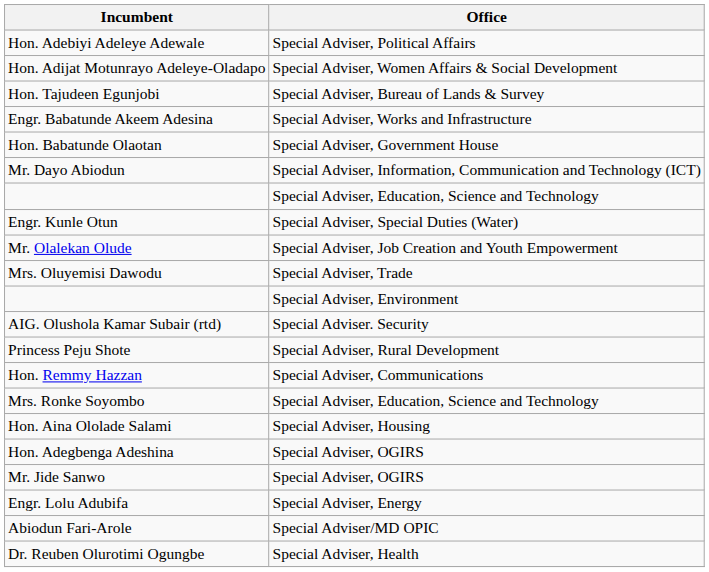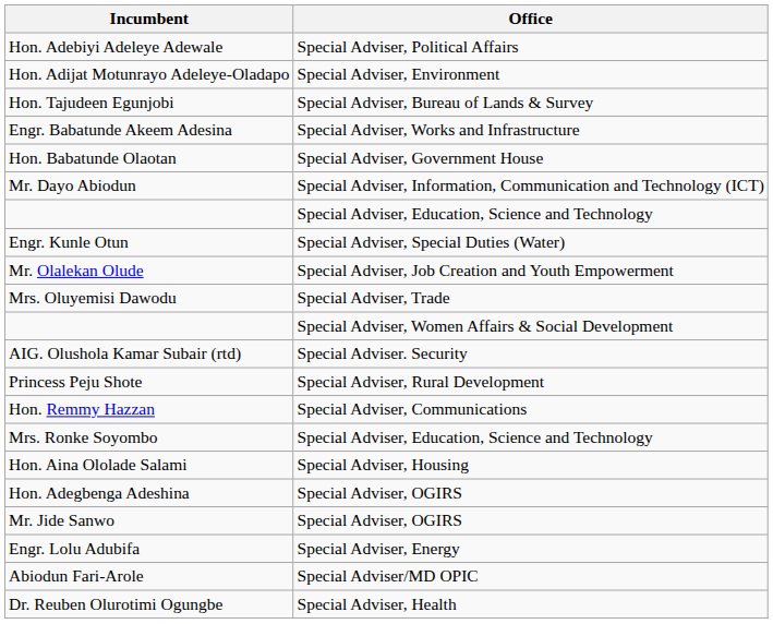 <table class="wikitable" style="font-size: 95%;">
 <tr>
 <th>Incumbent</th>
 <th>Office</th>
 </tr>
 <tr>
 <td>Hon. Adebiyi Adeleye Adewale</td>
 <td>Special Adviser, Political Affairs</td>
 </tr>
 <tr>
 <td>Hon. Adijat Motunrayo Adeleye-Oladapo</td>
-<td>Special Adviser, Women Affairs & Social Development</td>
+<td>Special Adviser, Environment</td>
 </tr>
 <tr>
 <td>Hon. Tajudeen Egunjobi</td>
 <td>Special Adviser, Bureau of Lands & Survey</td>
 </tr>
 <tr>
 <td>Engr. Babatunde Akeem Adesina</td>
 <td>Special Adviser, Works and Infrastructure</td>
 </tr>
 <tr>
 <td>Hon. Babatunde Olaotan</td>
 <td>Special Adviser, Government House</td>
 </tr>
 <tr>
 <td>Mr. Dayo Abiodun</td>
 <td>Special Adviser, Information, Communication and Technology (ICT)</td>
 </tr>
 <tr>
 <td></td>
 <td>Special Adviser, Education, Science and Technology</td>
 </tr>
 <tr>
 <td>Engr. Kunle Otun</td>
 <td>Special Adviser, Special Duties (Water)</td>
 </tr>
 <tr>
 <td>Mr. <a href='#'>Olalekan Olude</a></td>
 <td>Special Adviser, Job Creation and Youth Empowerment</td>
 </tr>
 <tr>
 <td>Mrs. Oluyemisi Dawodu</td>
 <td>Special Adviser, Trade</td>
 </tr>
 <tr>
 <td></td>
-<td>Special Adviser, Environment</td>
+<td>Special Adviser, Women Affairs & Social Development</td>
 </tr>
 <tr>
 <td>AIG. Olushola Kamar Subair (rtd)</td>
 <td>Special Adviser. Security</td>
 </tr>
 <tr>
 <td>Princess Peju Shote</td>
 <td>Special Adviser, Rural Development</td>
 </tr>
 <tr>
 <td>Hon. <a href='#'>Remmy Hazzan</a></td>
 <td>Special Adviser, Communications</td>
 </tr>
 <tr>
 <td>Mrs. Ronke Soyombo</td>
 <td>Special Adviser, Education, Science and Technology</td>
 </tr>
 <tr>
 <td>Hon. Aina Ololade Salami</td>
 <td>Special Adviser, Housing</td>
 </tr>
 <tr>
 <td>Hon. Adegbenga Adeshina</td>
 <td>Special Adviser, OGIRS</td>
 </tr>
 <tr>
 <td>Mr. Jide Sanwo</td>
 <td>Special Adviser, OGIRS</td>
 </tr>
 <tr>
 <td>Engr. Lolu Adubifa</td>
 <td>Special Adviser, Energy</td>
 </tr>
 <tr>
 <td>Abiodun Fari-Arole</td>
 <td>Special Adviser/MD OPIC</td>
 </tr>
 <tr>
 <td>Dr. Reuben Olurotimi Ogungbe</td>
 <td>Special Adviser, Health</td>
 </tr>
 <tr>
 </tr>
 </table>
